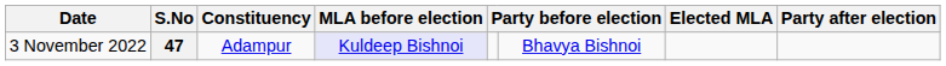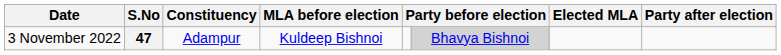 <table class="wikitable sortable" style="text-align:center;">
 <tr>
 <th>Date</th>
 <th>S.No</th>
 <th>Constituency</th>
 <th>MLA before election</th>
 <th colspan="2">Party before election</th>
 <th>Elected MLA</th>
 <th colspan="2">Party after election</th>
 </tr>
 <tr>
 <td>3 November 2022</td>
 <th>47</th>
 <td><a href='#'>Adampur</a></td>
-<td style="background: lavender;"><a href='#'>Kuldeep Bishnoi</a></td>
+<td><a href='#'>Kuldeep Bishnoi</a></td>
 <td></td>
-<td><a href='#'>Bhavya Bishnoi</a></td>
+<td style="background: lightgrey;"><a href='#'>Bhavya Bishnoi</a></td>
 <td></td>
 </tr>
 </table>
